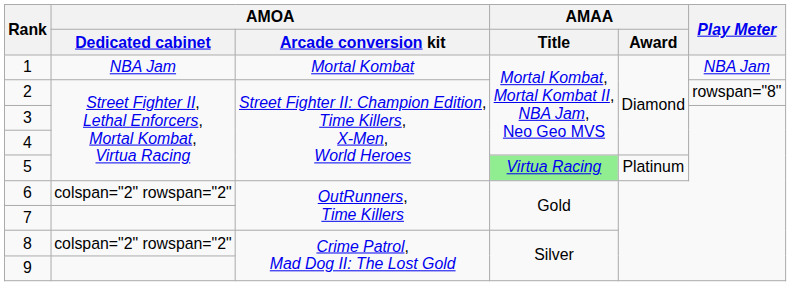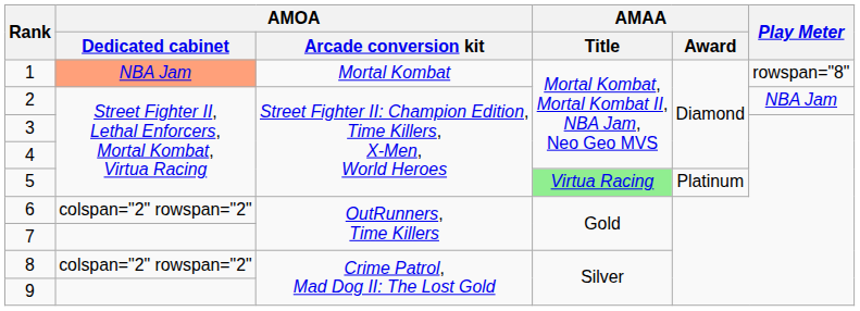 <table class="wikitable sortable" style="text-align:center">
 <tr>
 <th rowspan="2">Rank</th>
 <th colspan="2">AMOA</th>
 <th colspan="2">AMAA</th>
 <th rowspan="2"><em><a href='#'>Play Meter</a></em></th>
 </tr>
 <tr>
 <th><a href='#'>Dedicated cabinet</a></th>
 <th><a href='#'>Arcade conversion</a> kit</th>
 <th>Title</th>
 <th>Award</th>
 </tr>
 <tr>
 <td>1</td>
-<td><em><a href='#'>NBA Jam</a></em></td>
+<td style="background: lightsalmon;"><em><a href='#'>NBA Jam</a></em></td>
 <td><em><a href='#'>Mortal Kombat</a></em></td>
 <td rowspan="4"><em><a href='#'>Mortal Kombat</a></em>, <br> <em><a href='#'>Mortal Kombat II</a></em>, <br> <em><a href='#'>NBA Jam</a></em>, <br> <a href='#'>Neo Geo MVS</a></td>
 <td rowspan="4">Diamond</td>
-<td><em><a href='#'>NBA Jam</a></em></td>
+<td>rowspan="8" </td>
 </tr>
 <tr>
 <td>2</td>
 <td rowspan="4"><em><a href='#'>Street Fighter II</a></em>, <br> <em><a href='#'>Lethal Enforcers</a></em>, <br> <em><a href='#'>Mortal Kombat</a></em>, <br> <em><a href='#'>Virtua Racing</a></em></td>
 <td rowspan="4"><em><a href='#'>Street Fighter II: Champion Edition</a></em>, <br> <em><a href='#'>Time Killers</a></em>, <br> <em><a href='#'>X-Men</a></em>, <br> <em><a href='#'>World Heroes</a></em></td>
-<td>rowspan="8" </td>
+<td><em><a href='#'>NBA Jam</a></em></td>
 </tr>
 <tr>
 <td>3</td>
 </tr>
 <tr>
 <td>4</td>
 </tr>
 <tr>
 <td>5</td>
 <td style="background: lightgreen;"><em><a href='#'>Virtua Racing</a></em></td>
 <td>Platinum</td>
 </tr>
 <tr>
 <td>6</td>
 <td>colspan="2" rowspan="2" </td>
 <td rowspan="2"><em><a href='#'>OutRunners</a></em>, <br> <em><a href='#'>Time Killers</a></em></td>
 <td rowspan="2">Gold</td>
 </tr>
 <tr>
 <td>7</td>
 </tr>
 <tr>
 <td>8</td>
 <td>colspan="2" rowspan="2" </td>
 <td rowspan="2"><em><a href='#'>Crime Patrol</a></em>, <br> <em><a href='#'>Mad Dog II: The Lost Gold</a></em></td>
 <td rowspan="2">Silver</td>
 </tr>
 <tr>
 <td>9</td>
 </tr>
 </table>
